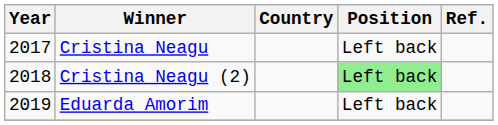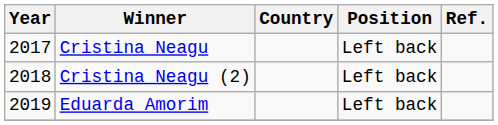 <table class="wikitable">
 <tr>
 <th>Year</th>
 <th>Winner</th>
 <th>Country</th>
 <th>Position</th>
 <th>Ref.<br></th>
 </tr>
 <tr>
 <td>2017</td>
 <td><a href='#'>Cristina Neagu</a></td>
 <td></td>
 <td>Left back</td>
 <td align=center></td>
 </tr>
 <tr>
 <td>2018</td>
 <td><a href='#'>Cristina Neagu</a> (2)</td>
 <td></td>
-<td style="background: lightgreen;">Left back</td>
+<td>Left back</td>
 <td align=center></td>
 </tr>
 <tr>
 <td>2019</td>
 <td><a href='#'>Eduarda Amorim</a></td>
 <td></td>
 <td>Left back</td>
 <td aligm=center></td>
 </tr>
 <tr>
 </tr>
 </table>
